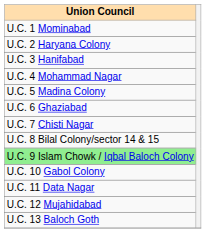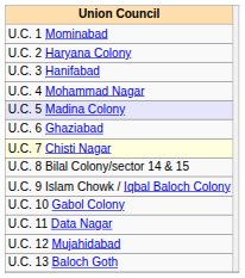 <table class="sortable wikitable" align="left">
 <tr>
 <th style="background:#ffdead;"><strong>Union Council</strong></th>
 <th rowspan=14 style="border-bottom:1px solid grey;" valign="top" class="unsortable"><br><br></th>
 </tr>
 <tr>
 <td style="border-bottom:1px solid grey;">U.C. 1 <a href='#'>Mominabad</a></td>
 </tr>
 <tr>
 <td style="border-bottom:1px solid grey;">U.C. 2 <a href='#'>Haryana Colony</a></td>
 </tr>
 <tr>
 <td style="border-bottom:1px solid grey;">U.C. 3 <a href='#'>Hanifabad</a></td>
 </tr>
 <tr>
 <td style="border-bottom:1px solid grey;">U.C. 4 <a href='#'>Mohammad Nagar</a></td>
 </tr>
 <tr>
-<td style="border-bottom:1px solid grey;">U.C. 5 <a href='#'>Madina Colony</a></td>
+<td style="background: lavender; border-bottom:1px solid grey;">U.C. 5 <a href='#'>Madina Colony</a></td>
 </tr>
 <tr>
 <td style="border-bottom:1px solid grey;">U.C. 6 <a href='#'>Ghaziabad</a></td>
 </tr>
 <tr>
-<td style="border-bottom:1px solid grey;">U.C. 7 <a href='#'>Chisti Nagar</a></td>
+<td style="background: lightyellow; border-bottom:1px solid grey;">U.C. 7 <a href='#'>Chisti Nagar</a></td>
 </tr>
 <tr>
 <td style="border-bottom:1px solid grey;">U.C. 8 Bilal Colony/sector 14 & 15</td>
 </tr>
 <tr>
-<td style="background: lightgreen; border-bottom:1px solid grey;">U.C. 9 Islam Chowk / <a href='#'>Iqbal Baloch Colony</a></td>
+<td style="border-bottom:1px solid grey;">U.C. 9 Islam Chowk / <a href='#'>Iqbal Baloch Colony</a></td>
 </tr>
 <tr>
 <td style="border-bottom:1px solid grey;">U.C. 10 <a href='#'>Gabol Colony</a></td>
 </tr>
 <tr>
 <td style="border-bottom:1px solid grey;">U.C. 11 <a href='#'>Data Nagar</a></td>
 </tr>
 <tr>
 <td style="border-bottom:1px solid grey;">U.C. 12 <a href='#'>Mujahidabad</a></td>
 </tr>
 <tr>
 <td style="border-bottom:1px solid grey;">U.C. 13 <a href='#'>Baloch Goth</a></td>
 </tr>
 <tr>
 </tr>
 </table>
